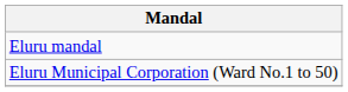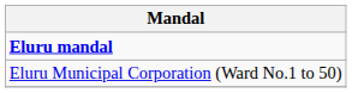 <table class="wikitable sortable static-row-numbers static-row-header-hash">
 <tr>
 <th>Mandal</th>
 </tr>
 <tr>
-<td><a href='#'>Eluru mandal</a></td>
+<td><strong><a href='#'>Eluru mandal</a></strong></td>
 </tr>
 <tr>
 <td><a href='#'>Eluru Municipal Corporation</a> (Ward No.1 to 50)</td>
 </tr>
 <tr>
 </tr>
 </table>
